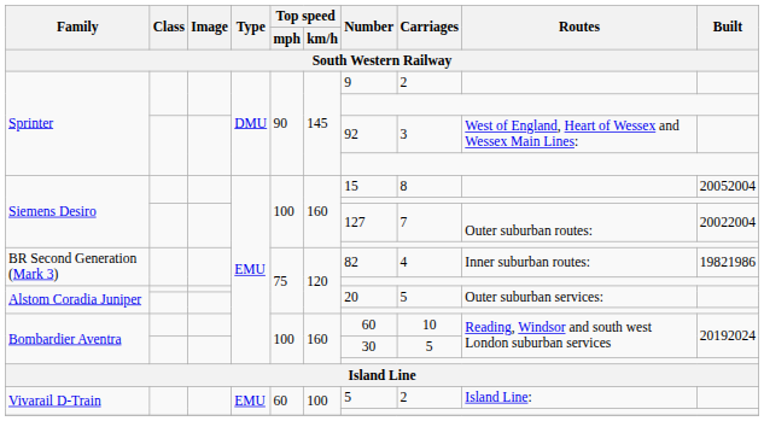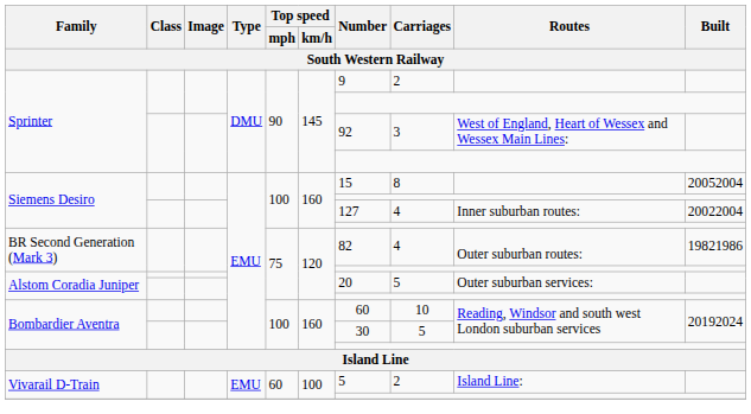 <table class="wikitable defaultcenter col1left col2left col9left">
 <tr>
 <th rowspan="2">Family</th>
 <th rowspan="2">Class</th>
 <th rowspan="2">Image</th>
 <th rowspan="2">Type</th>
 <th colspan="2">Top speed</th>
 <th rowspan="2">Number</th>
 <th rowspan="2">Carriages</th>
 <th rowspan="2">Routes</th>
 <th rowspan="2">Built</th>
 </tr>
 <tr>
 <th>mph</th>
 <th>km/h</th>
 </tr>
 <tr>
 <th colspan="10">South Western Railway</th>
 </tr>
 <tr>
 <td rowspan="4"><a href='#'>Sprinter</a></td>
 <td rowspan="2"></td>
 <td rowspan="2"></td>
 <td rowspan="4"><a href='#'>DMU</a></td>
 <td rowspan="4">90</td>
 <td rowspan="4">145</td>
 <td>9</td>
 <td>2</td>
 <td></td>
 <td></td>
 </tr>
 <tr>
 <td colspan="4"><br></td>
 </tr>
 <tr>
 <td rowspan="2"></td>
 <td rowspan="2"></td>
 <td>92</td>
 <td>3</td>
 <td style="text-align:left"><a href='#'>West of England</a>, <a href='#'>Heart of Wessex</a> and <a href='#'>Wessex Main Lines</a>:<br></td>
 <td></td>
 </tr>
 <tr>
 <td colspan="4"><br></td>
 </tr>
 <tr>
 <td rowspan="4"><a href='#'>Siemens Desiro</a></td>
 <td rowspan="2"></td>
 <td rowspan="2"></td>
 <td rowspan="12"><a href='#'>EMU</a></td>
 <td rowspan="4">100</td>
 <td rowspan="4">160</td>
 <td>15</td>
 <td>8</td>
 <td></td>
 <td>20052004</td>
 </tr>
 <tr>
 <td colspan="4"></td>
 </tr>
 <tr>
 <td rowspan="2"></td>
 <td rowspan="2"></td>
 <td>127</td>
-<td>7</td>
-<td style="text-align:left"><br>Outer suburban routes: </td>
+<td>4</td>
+<td style="text-align:left">Inner suburban routes:<br></td>
 <td>20022004</td>
 </tr>
 <tr>
 <td colspan="4"></td>
 </tr>
 <tr>
 <td rowspan="2">BR Second Generation (<a href='#'>Mark 3</a>)</td>
 <td rowspan="2"></td>
 <td rowspan="2"></td>
 <td rowspan="5">75</td>
 <td rowspan="5">120</td>
 <td>82</td>
 <td>4</td>
-<td style="text-align:left">Inner suburban routes:<br></td>
+<td style="text-align:left"><br>Outer suburban routes: </td>
 <td>19821986</td>
 </tr>
 <tr>
 <td colspan="4"></td>
 </tr>
 <tr>
 <td rowspan="3"><a href='#'>Alstom Coradia Juniper</a></td>
 <td></td>
 <td></td>
 <td rowspan="2">20</td>
 <td rowspan="2">5</td>
 <td rowspan="2" style="text-align:left">Outer suburban services:<br></td>
 <td rowspan="2"></td>
 </tr>
 <tr>
 <td rowspan="2"></td>
 <td rowspan="2"></td>
 </tr>
 <tr>
 <td colspan="4"></td>
 </tr>
 <tr>
 <td rowspan="3"><a href='#'>Bombardier Aventra</a></td>
 <td rowspan="1"></td>
 <td rowspan="1"></td>
 <td rowspan="3">100</td>
 <td rowspan="3">160</td>
 <td style="text-align:center">60</td>
 <td style="text-align:center">10</td>
 <td rowspan="2" style="text-align:left"><a href='#'>Reading</a>, <a href='#'>Windsor</a> and south west London suburban services</td>
 <td rowspan="2" style="text-align:left">20192024</td>
 </tr>
 <tr>
 <td rowspan="2"></td>
 <td rowspan="2"></td>
 <td style="text-align:center">30</td>
 <td style="text-align:center">5</td>
 </tr>
 <tr>
 <td colspan="4"></td>
 </tr>
 <tr>
 <th colspan=10>Island Line</th>
 </tr>
 <tr>
 <td rowspan="2"><a href='#'>Vivarail D-Train</a></td>
 <td rowspan="2"></td>
 <td rowspan="2"></td>
 <td rowspan="2"><a href='#'>EMU</a></td>
 <td rowspan="2">60</td>
 <td rowspan="2">100</td>
 <td>5</td>
 <td>2</td>
 <td><a href='#'>Island Line</a>:   </td>
 <td></td>
 </tr>
 <tr>
 <td colspan="4"></td>
 </tr>
 <tr>
 </tr>
 </table>
